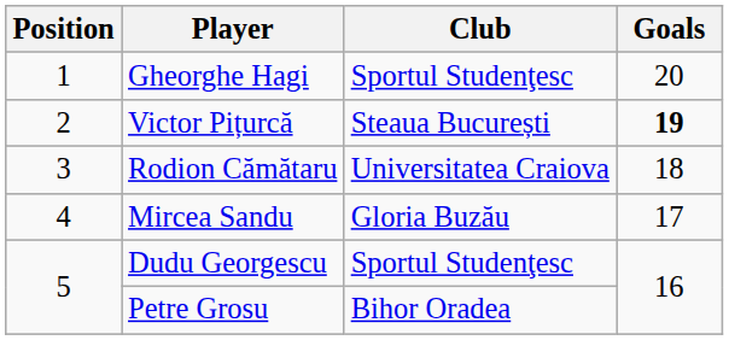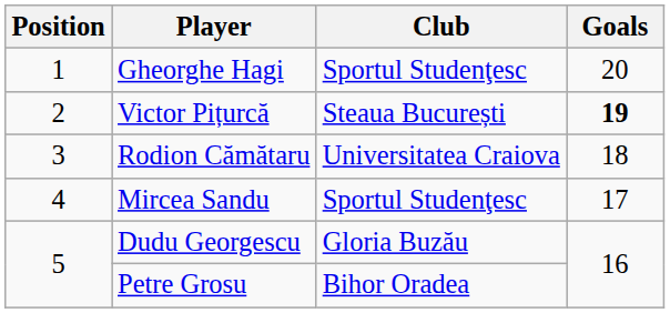 <table class="wikitable">
 <tr>
 <th width="50px">Position</th>
 <th>Player</th>
 <th>Club</th>
 <th width="50px">Goals</th>
 </tr>
 <tr>
 <td rowspan=1 align="center">1</td>
 <td><a href='#'>Gheorghe Hagi</a></td>
 <td><a href='#'>Sportul Studenţesc</a></td>
 <td align=center>20</td>
 </tr>
 <tr>
 <td rowspan=1 align="center">2</td>
 <td><a href='#'>Victor Pițurcă</a></td>
 <td><a href='#'>Steaua București</a></td>
 <td align=center><strong>19</strong></td>
 </tr>
 <tr>
 <td rowspan=1 align="center">3</td>
 <td><a href='#'>Rodion Cămătaru</a></td>
 <td><a href='#'>Universitatea Craiova</a></td>
 <td align=center>18</td>
 </tr>
 <tr>
 <td rowspan=1 align="center">4</td>
 <td><a href='#'>Mircea Sandu</a></td>
-<td><a href='#'>Gloria Buzău</a></td>
+<td><a href='#'>Sportul Studenţesc</a></td>
 <td align=center>17</td>
 </tr>
 <tr>
 <td rowspan=2 align="center">5</td>
 <td><a href='#'>Dudu Georgescu</a></td>
-<td><a href='#'>Sportul Studenţesc</a></td>
+<td><a href='#'>Gloria Buzău</a></td>
 <td rowspan=2 align=center>16</td>
 </tr>
 <tr>
 <td><a href='#'>Petre Grosu</a></td>
 <td><a href='#'>Bihor Oradea</a></td>
 </tr>
 </table>
